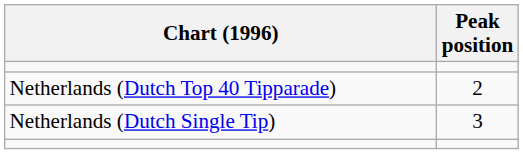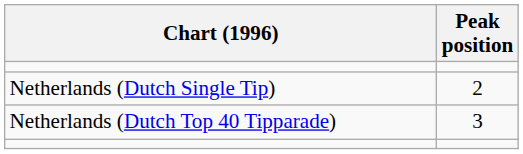 <table class="wikitable sortable">
 <tr>
 <th style="width:20em;">Chart (1996)</th>
 <th>Peak<br>position</th>
 </tr>
 <tr>
 <td></td>
 </tr>
 <tr>
-<td>Netherlands (<a href='#'>Dutch Top 40 Tipparade</a>)</td>
+<td>Netherlands (<a href='#'>Dutch Single Tip</a>)</td>
 <td align="center">2</td>
 </tr>
 <tr>
-<td>Netherlands (<a href='#'>Dutch Single Tip</a>)</td>
+<td>Netherlands (<a href='#'>Dutch Top 40 Tipparade</a>)</td>
 <td align="center">3</td>
 </tr>
 <tr>
 <td></td>
 </tr>
 </table>
